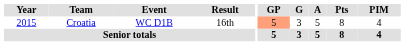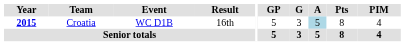 <table border="0" cellpadding="1" cellspacing="0" ID="Table3" style="text-align:center; width:40em">
 <tr ALIGN="centre" bgcolor="#e0e0e0">
 <th>Year</th>
 <th>Team</th>
 <th>Event</th>
 <th>Result</th>
 <th rowspan="99" bgcolor="#ffffff"></th>
 <th>GP</th>
 <th>G</th>
 <th>A</th>
 <th>Pts</th>
 <th>PIM</th>
 </tr>
 <tr>
-<td><a href='#'>2015</a></td>
+<td><strong><a href='#'>2015</a></strong></td>
 <td><a href='#'>Croatia</a></td>
 <td><a href='#'>WC D1B</a></td>
 <td>16th</td>
-<td style="background: lightsalmon;">5</td>
+<td>5</td>
 <td>3</td>
-<td>5</td>
+<td style="background: lightblue;">5</td>
 <td>8</td>
 <td>4</td>
 </tr>
 <tr bgcolor="#e0e0e0">
 <th colspan="4">Senior totals</th>
 <th>5</th>
 <th>3</th>
 <th>5</th>
 <th>8</th>
 <th>4</th>
 </tr>
 </table>
